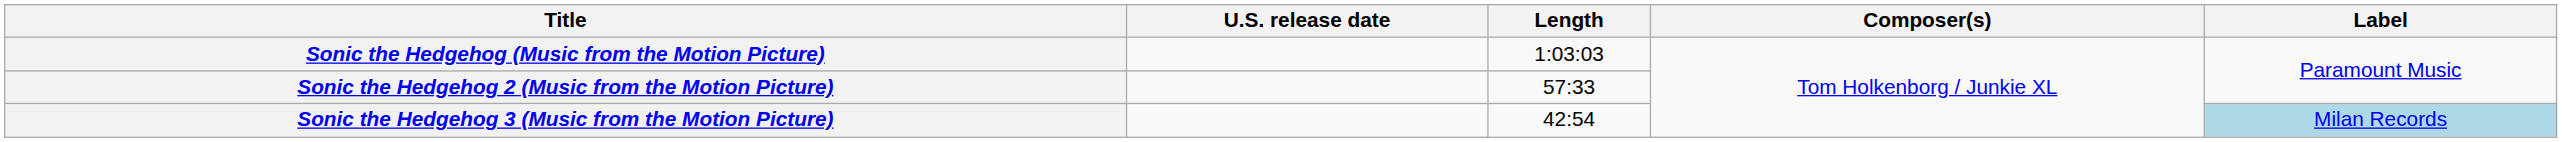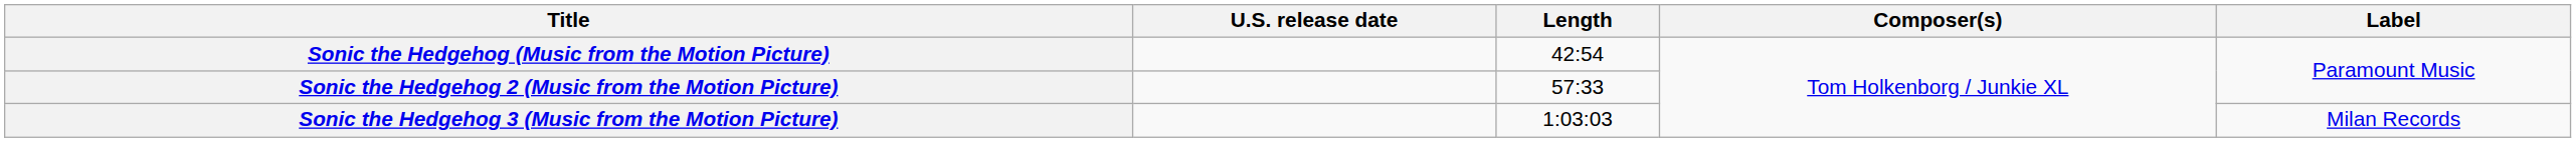 <table class="wikitable plainrowheaders" style="text-align: center; width: 99%;">
 <tr>
 <th scope="col">Title</th>
 <th scope="col">U.S. release date</th>
 <th scope="col">Length</th>
 <th scope="col">Composer(s)</th>
 <th scope="col">Label</th>
 </tr>
 <tr>
 <th scope="row"><em><a href='#'>Sonic the Hedgehog (Music from the Motion Picture)</a></em></th>
 <td></td>
-<td>1:03:03</td>
+<td>42:54</td>
 <td rowspan="4"><a href='#'>Tom Holkenborg / Junkie XL</a></td>
 <td rowspan="2" style="text-align: center;"><a href='#'>Paramount Music</a></td>
 </tr>
 <tr>
 <th scope="row"><em><a href='#'>Sonic the Hedgehog 2 (Music from the Motion Picture)</a></em></th>
 <td></td>
 <td>57:33</td>
 </tr>
 <tr>
 <th scope="row"><em><a href='#'>Sonic the Hedgehog 3 (Music from the Motion Picture)</a></em></th>
 <td></td>
-<td>42:54</td>
-<td style="background: lightblue; text-align: center;"><a href='#'>Milan Records</a></td>
+<td>1:03:03</td>
+<td style="text-align: center;"><a href='#'>Milan Records</a></td>
 </tr>
 </table>
